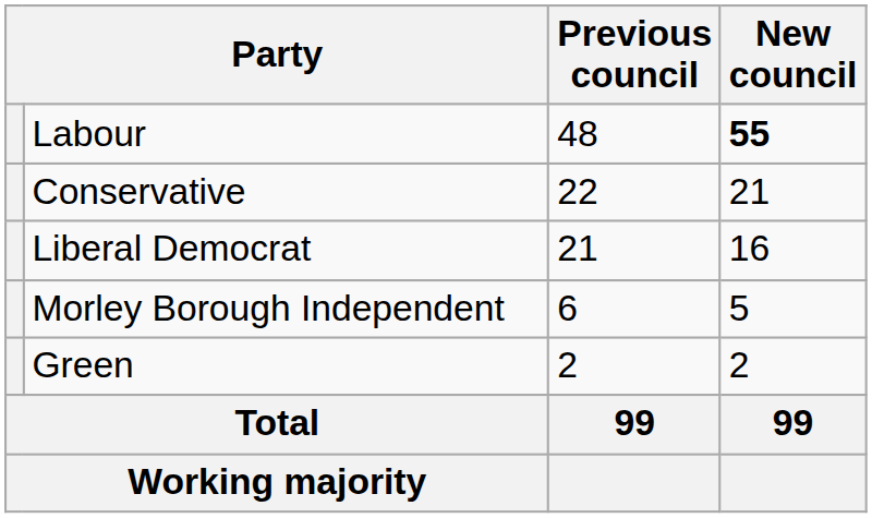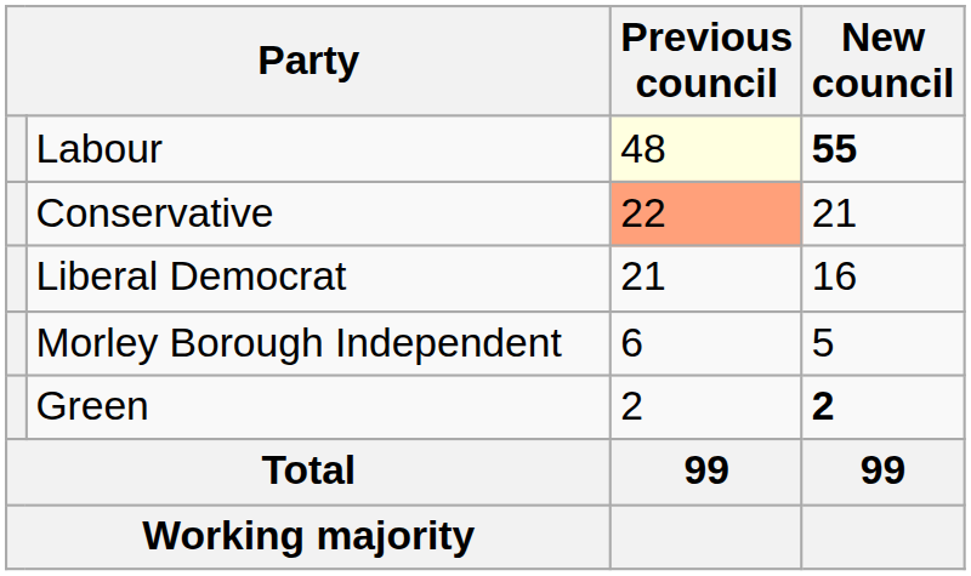 <table class="wikitable">
 <tr>
 <th valign=centre colspan="2" style="width: 230px">Party</th>
 <th valign=top style="width: 30px">Previous council</th>
 <th valign=top style="width: 30px">New council</th>
 </tr>
 <tr>
 <th style="background-color: "></th>
 <td>Labour</td>
-<td>48</td>
+<td style="background: lightyellow;">48</td>
 <td><strong>55</strong></td>
 </tr>
 <tr>
 <th style="background-color: "></th>
 <td>Conservative</td>
-<td>22</td>
+<td style="background: lightsalmon;">22</td>
 <td>21</td>
 </tr>
 <tr>
 <th style="background-color: "></th>
 <td>Liberal Democrat</td>
 <td>21</td>
 <td>16</td>
 </tr>
 <tr>
 <th style="background-color: "></th>
 <td>Morley Borough Independent</td>
 <td>6</td>
 <td>5</td>
 </tr>
 <tr>
 <th style="background-color: "></th>
 <td>Green</td>
 <td>2</td>
-<td>2</td>
+<td><strong>2</strong></td>
 </tr>
 <tr>
 <th colspan=2>Total</th>
 <th style="text-align: center">99</th>
 <th colspan=3>99</th>
 </tr>
 <tr>
 <th colspan=2>Working majority</th>
 <th></th>
 <th></th>
 </tr>
 </table>
